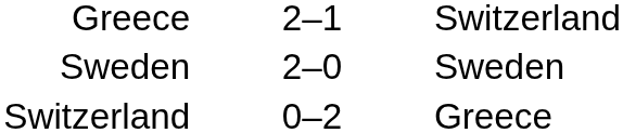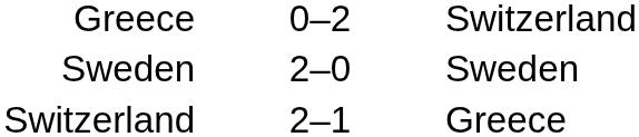 <table style="text-align:center">
 <tr>
 <th width=200></th>
 <th width=100></th>
 <th width=200></th>
 </tr>
 <tr>
 <td align=right>Greece</td>
-<td>2–1</td>
+<td>0–2</td>
 <td align=left>Switzerland</td>
 </tr>
 <tr>
 <td align=right>Sweden</td>
 <td>2–0</td>
 <td align=left>Sweden</td>
 </tr>
 <tr>
 <td align=right>Switzerland</td>
-<td>0–2</td>
+<td>2–1</td>
 <td align=left>Greece</td>
 </tr>
 </table>
